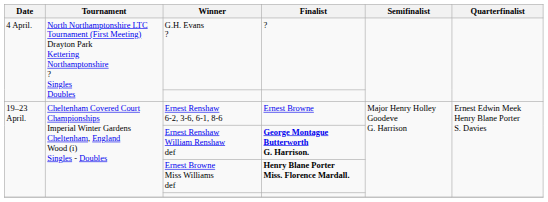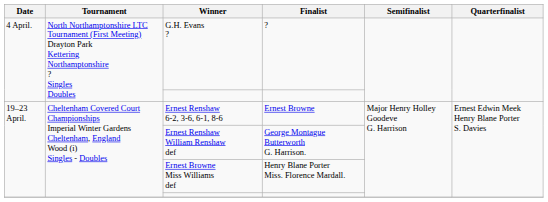 <table class="wikitable" style="font-size:85%;">
 <tr>
 <th width="75">Date</th>
 <th width="230">Tournament</th>
 <th width="210">Winner</th>
 <th width="210">Finalist</th>
 <th width="170">Semifinalist</th>
 <th width="170">Quarterfinalist</th>
 </tr>
 <tr valign=top>
 <td rowspan=2>4 April.</td>
 <td rowspan=2><a href='#'>North Northamptonshire LTC Tournament (First Meeting)</a><br>Drayton Park<br><a href='#'>Kettering</a><br><a href='#'>Northamptonshire</a><br>? <br><a href='#'>Singles</a> <br><a href='#'>Doubles</a></td>
 <td>  G.H. Evans<br>?</td>
 <td> ?</td>
 <td rowspan=2></td>
 <td rowspan=2></td>
 </tr>
 <tr valign=top>
 <td></td>
 <td></td>
 </tr>
 <tr valign=top>
 <td rowspan=4>19–23 April.</td>
 <td rowspan=4><a href='#'>Cheltenham Covered Court Championships</a><br>Imperial Winter Gardens<br><a href='#'>Cheltenham</a>, <a href='#'>England</a><br>Wood (i)<br><a href='#'>Singles</a> - <a href='#'>Doubles</a></td>
 <td> <a href='#'>Ernest Renshaw</a><br>6-2, 3-6, 6-1, 8-6</td>
 <td> <a href='#'>Ernest Browne</a></td>
 <td rowspan=4> Major Henry Holley Goodeve<br> G. Harrison</td>
 <td rowspan=4> Ernest Edwin Meek<br> Henry Blane Porter<br> S. Davies</td>
 </tr>
 <tr valign=top>
 <td> <a href='#'>Ernest Renshaw</a><br> <a href='#'>William Renshaw</a><br>def</td>
-<td><strong> <a href='#'>George Montague Butterworth</a><br> G. Harrison.</strong></td>
+<td> <a href='#'>George Montague Butterworth</a><br> G. Harrison.</td>
 </tr>
 <tr valign=top>
 <td> <a href='#'>Ernest Browne</a><br> Miss Williams<br>def</td>
-<td><strong> Henry Blane Porter<br> Miss.  Florence Mardall.</strong></td>
+<td> Henry Blane Porter<br> Miss.  Florence Mardall.</td>
 </tr>
 <tr valign=top>
 <td></td>
 <td></td>
 </tr>
 <tr valign=top>
 </tr>
 </table>
